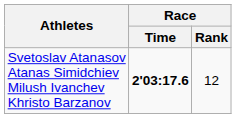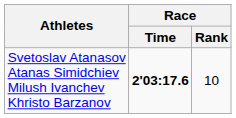 <table class="wikitable" border="1" style="font-size:90%">
 <tr>
 <th rowspan=2>Athletes</th>
 <th colspan=2>Race</th>
 </tr>
 <tr>
 <th>Time</th>
 <th>Rank</th>
 </tr>
 <tr>
 <td><a href='#'>Svetoslav Atanasov</a><br><a href='#'>Atanas Simidchiev</a><br><a href='#'>Milush Ivanchev</a><br><a href='#'>Khristo Barzanov</a></td>
 <td align=center><strong>2'03:17.6</strong></td>
-<td align=center>12</td>
+<td align=center>10</td>
 </tr>
 </table>
